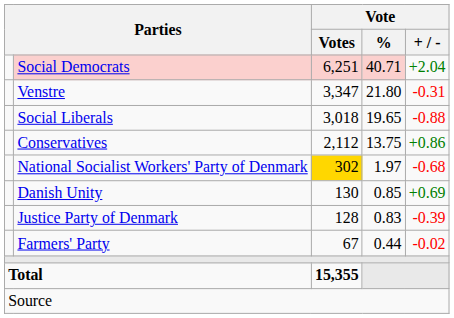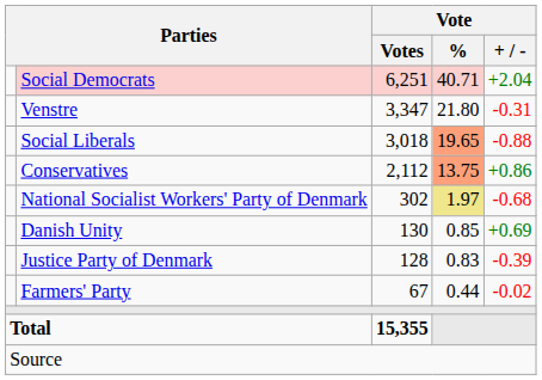 <table class="wikitable" style="text-align:right;">
 <tr>
 <th style="text-align:centre;" rowspan="2" colspan="2" width="225">Parties</th>
 <th colspan="3">Vote</th>
 </tr>
 <tr>
 <th width="15">Votes</th>
 <th width="15">%</th>
 <th width="15">+ / -</th>
 </tr>
 <tr>
 <td width="2" style="color:inherit;background:"></td>
 <td bgcolor=#fbd0ce  align="left"><a href='#'>Social Democrats</a></td>
 <td bgcolor=#fbd0ce>6,251</td>
 <td bgcolor=#fbd0ce>40.71</td>
 <td style=color:green;>+2.04</td>
 </tr>
 <tr>
 <td width="2" style="color:inherit;background:"></td>
 <td align="left"><a href='#'>Venstre</a></td>
 <td>3,347</td>
 <td>21.80</td>
 <td style=color:red;>-0.31</td>
 </tr>
 <tr>
 <td width="2" style="color:inherit;background:"></td>
 <td align="left"><a href='#'>Social Liberals</a></td>
 <td>3,018</td>
-<td>19.65</td>
+<td style="background: lightsalmon;">19.65</td>
 <td style=color:red;>-0.88</td>
 </tr>
 <tr>
 <td width="2" style="color:inherit;background:"></td>
 <td align="left"><a href='#'>Conservatives</a></td>
 <td>2,112</td>
-<td>13.75</td>
+<td style="background: lightsalmon;">13.75</td>
 <td style=color:green;>+0.86</td>
 </tr>
 <tr>
 <td width="2" style="color:inherit;background:"></td>
 <td align="left"><a href='#'>National Socialist Workers' Party of Denmark</a></td>
-<td style="background: gold;">302</td>
-<td>1.97</td>
+<td>302</td>
+<td style="background: khaki;">1.97</td>
 <td style=color:red;>-0.68</td>
 </tr>
 <tr>
 <td width="2" style="color:inherit;background:"></td>
 <td align="left"><a href='#'>Danish Unity</a></td>
 <td>130</td>
 <td>0.85</td>
 <td style=color:green;>+0.69</td>
 </tr>
 <tr>
 <td width="2" style="color:inherit;background:"></td>
 <td align="left"><a href='#'>Justice Party of Denmark</a></td>
 <td>128</td>
 <td>0.83</td>
 <td style=color:red;>-0.39</td>
 </tr>
 <tr>
 <td width="2" style="color:inherit;background:"></td>
 <td align="left"><a href='#'>Farmers' Party</a></td>
 <td>67</td>
 <td>0.44</td>
 <td style=color:red;>-0.02</td>
 </tr>
 <tr>
 <td colspan="7" bgcolor="#E9E9E9"></td>
 </tr>
 <tr>
 <td align="left" colspan="2"><strong>Total</strong></td>
 <td><strong>15,355</strong></td>
 <td bgcolor="#E9E9E9" colspan="2"></td>
 </tr>
 <tr>
 <td align="left" colspan="6">Source</td>
 </tr>
 </table>
